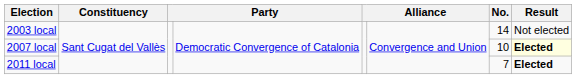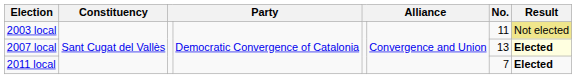 <table class="wikitable" style="text-align:left;">
 <tr>
 <th scope=col>Election</th>
 <th scope=col>Constituency</th>
 <th scope=col colspan="2">Party</th>
 <th scope=col colspan="2">Alliance</th>
 <th scope=col>No.</th>
 <th scope=col>Result</th>
 </tr>
 <tr>
 <td><a href='#'>2003 local</a></td>
 <td rowspan="3"><a href='#'>Sant Cugat del Vallès</a></td>
 <td rowspan="3" style="background:"></td>
 <td rowspan="3"><a href='#'>Democratic Convergence of Catalonia</a></td>
 <td rowspan="3" style="background:"></td>
 <td rowspan="3"><a href='#'>Convergence and Union</a></td>
-<td align=right>14</td>
-<td>Not elected</td>
+<td align=right>11</td>
+<td style="background: khaki;">Not elected</td>
 </tr>
 <tr>
 <td><a href='#'>2007 local</a></td>
-<td align="right">10</td>
+<td align="right">13</td>
 <td style="background: lightyellow;"><strong>Elected</strong></td>
 </tr>
 <tr>
 <td><a href='#'>2011 local</a></td>
 <td align="right">7</td>
 <td><strong>Elected</strong></td>
 </tr>
 </table>
